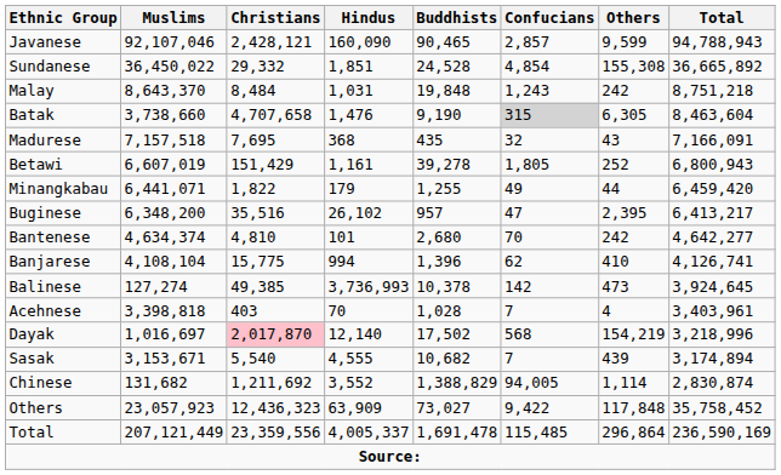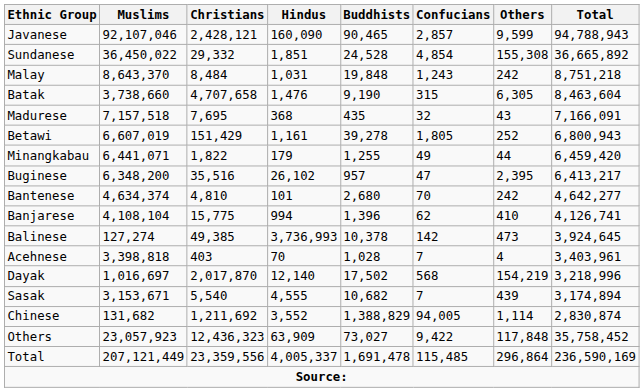 <table class="wikitable sortable">
 <tr>
 <th>Ethnic Group</th>
 <th>Muslims</th>
 <th>Christians</th>
 <th>Hindus</th>
 <th>Buddhists</th>
 <th>Confucians</th>
 <th>Others</th>
 <th>Total</th>
 </tr>
 <tr --->
 <td>Javanese</td>
 <td>92,107,046</td>
 <td>2,428,121</td>
 <td>160,090</td>
 <td>90,465</td>
 <td>2,857</td>
 <td>9,599</td>
 <td>94,788,943</td>
 </tr>
 <tr --->
 <td>Sundanese</td>
 <td>36,450,022</td>
 <td>29,332</td>
 <td>1,851</td>
 <td>24,528</td>
 <td>4,854</td>
 <td>155,308</td>
 <td>36,665,892</td>
 </tr>
 <tr --->
 <td>Malay</td>
 <td>8,643,370</td>
 <td>8,484</td>
 <td>1,031</td>
 <td>19,848</td>
 <td>1,243</td>
 <td>242</td>
 <td>8,751,218</td>
 </tr>
 <tr --->
 <td>Batak</td>
 <td>3,738,660</td>
 <td>4,707,658</td>
 <td>1,476</td>
 <td>9,190</td>
-<td style="background: lightgrey;">315</td>
+<td>315</td>
 <td>6,305</td>
 <td>8,463,604</td>
 </tr>
 <tr --->
 <td>Madurese</td>
 <td>7,157,518</td>
 <td>7,695</td>
 <td>368</td>
 <td>435</td>
 <td>32</td>
 <td>43</td>
 <td>7,166,091</td>
 </tr>
 <tr --->
 <td>Betawi</td>
 <td>6,607,019</td>
 <td>151,429</td>
 <td>1,161</td>
 <td>39,278</td>
 <td>1,805</td>
 <td>252</td>
 <td>6,800,943</td>
 </tr>
 <tr --->
 <td>Minangkabau</td>
 <td>6,441,071</td>
 <td>1,822</td>
 <td>179</td>
 <td>1,255</td>
 <td>49</td>
 <td>44</td>
 <td>6,459,420</td>
 </tr>
 <tr --->
 <td>Buginese</td>
 <td>6,348,200</td>
 <td>35,516</td>
 <td>26,102</td>
 <td>957</td>
 <td>47</td>
 <td>2,395</td>
 <td>6,413,217</td>
 </tr>
 <tr --->
 <td>Bantenese</td>
 <td>4,634,374</td>
 <td>4,810</td>
 <td>101</td>
 <td>2,680</td>
 <td>70</td>
 <td>242</td>
 <td>4,642,277</td>
 </tr>
 <tr --->
 <td>Banjarese</td>
 <td>4,108,104</td>
 <td>15,775</td>
 <td>994</td>
 <td>1,396</td>
 <td>62</td>
 <td>410</td>
 <td>4,126,741</td>
 </tr>
 <tr --->
 <td>Balinese</td>
 <td>127,274</td>
 <td>49,385</td>
 <td>3,736,993</td>
 <td>10,378</td>
 <td>142</td>
 <td>473</td>
 <td>3,924,645</td>
 </tr>
 <tr --->
 <td>Acehnese</td>
 <td>3,398,818</td>
 <td>403</td>
 <td>70</td>
 <td>1,028</td>
 <td>7</td>
 <td>4</td>
 <td>3,403,961</td>
 </tr>
 <tr --->
 <td>Dayak</td>
 <td>1,016,697</td>
-<td style="background: pink;">2,017,870</td>
+<td>2,017,870</td>
 <td>12,140</td>
 <td>17,502</td>
 <td>568</td>
 <td>154,219</td>
 <td>3,218,996</td>
 </tr>
 <tr --->
 <td>Sasak</td>
 <td>3,153,671</td>
 <td>5,540</td>
 <td>4,555</td>
 <td>10,682</td>
 <td>7</td>
 <td>439</td>
 <td>3,174,894</td>
 </tr>
 <tr --->
 <td>Chinese</td>
 <td>131,682</td>
 <td>1,211,692</td>
 <td>3,552</td>
 <td>1,388,829</td>
 <td>94,005</td>
 <td>1,114</td>
 <td>2,830,874</td>
 </tr>
 <tr --->
 <td>Others</td>
 <td>23,057,923</td>
 <td>12,436,323</td>
 <td>63,909</td>
 <td>73,027</td>
 <td>9,422</td>
 <td>117,848</td>
 <td>35,758,452</td>
 </tr>
 <tr --->
 <td>Total</td>
 <td>207,121,449</td>
 <td>23,359,556</td>
 <td>4,005,337</td>
 <td>1,691,478</td>
 <td>115,485</td>
 <td>296,864</td>
 <td>236,590,169</td>
 </tr>
 <tr --->
 <td colspan="83" style="text-align: center;"><strong>Source:</strong></td>
 </tr>
 </table>
